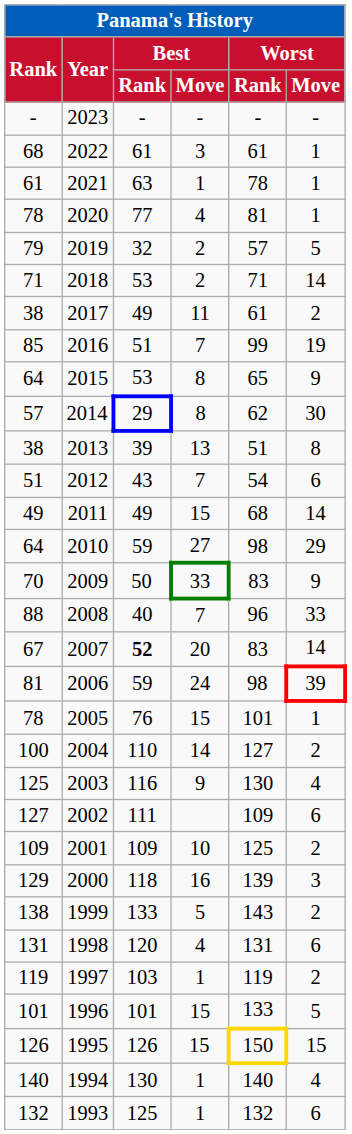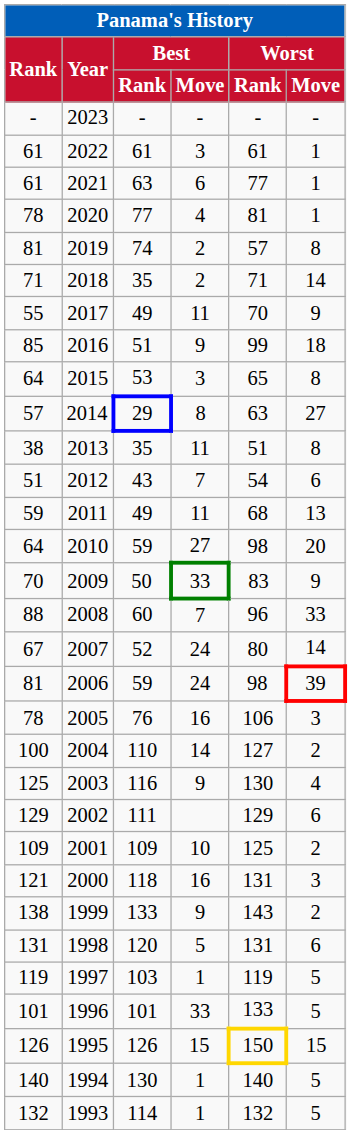 <table class="wikitable sortable" style="text-align:center;">
 <tr>
 <th colspan=9 style="background: #005EB8; color: #FFFFFF;"> Panama's <a href='#'></a> History</th>
 </tr>
 <tr>
 <th rowspan=2 style="background-color: #C8102E; color: #FFFFFF;">Rank</th>
 <th rowspan=2 style="background-color: #C8102E; color: #FFFFFF;">Year</th>
 <th colspan=2 style="background-color: #C8102E; color: #FFFFFF;">Best</th>
 <th colspan=2 style="background-color: #C8102E; color: #FFFFFF;">Worst</th>
 </tr>
 <tr>
 <th style="background-color: #C8102E; color: #FFFFFF;">Rank</th>
 <th style="background-color: #C8102E; color: #FFFFFF;">Move</th>
 <th style="background-color: #C8102E; color: #FFFFFF;">Rank</th>
 <th style="background-color: #C8102E; color: #FFFFFF;">Move</th>
 </tr>
 <tr>
 <td>-</td>
 <td>2023</td>
 <td>-</td>
 <td>-</td>
 <td>-</td>
 <td>-</td>
 </tr>
 <tr>
-<td>68</td>
+<td>61</td>
 <td>2022</td>
 <td>61</td>
 <td> 3</td>
 <td>61</td>
 <td> 1</td>
 </tr>
 <tr>
 <td>61</td>
 <td>2021</td>
 <td>63</td>
-<td> 1</td>
-<td>78</td>
+<td> 6</td>
+<td>77</td>
 <td> 1</td>
 </tr>
 <tr>
 <td>78</td>
 <td>2020</td>
 <td>77</td>
 <td> 4</td>
 <td>81</td>
 <td> 1</td>
 </tr>
 <tr>
-<td>79</td>
+<td>81</td>
 <td>2019</td>
-<td>32</td>
+<td>74</td>
 <td> 2</td>
 <td>57</td>
-<td> 5</td>
+<td> 8</td>
 </tr>
 <tr>
 <td>71</td>
 <td>2018</td>
-<td>53</td>
+<td>35</td>
 <td> 2</td>
 <td>71</td>
 <td> 14</td>
 </tr>
 <tr>
-<td>38</td>
+<td>55</td>
 <td>2017</td>
 <td>49</td>
 <td> 11</td>
-<td>61</td>
-<td> 2</td>
+<td>70</td>
+<td> 9</td>
 </tr>
 <tr>
 <td>85</td>
 <td>2016</td>
 <td>51</td>
-<td> 7</td>
+<td> 9</td>
 <td>99</td>
-<td> 19</td>
+<td> 18</td>
 </tr>
 <tr>
 <td>64</td>
 <td>2015</td>
 <td>53</td>
+<td> 3</td>
+<td>65</td>
 <td> 8</td>
-<td>65</td>
-<td> 9</td>
 </tr>
 <tr>
 <td>57</td>
 <td>2014</td>
 <td style="border: 3px solid blue">29</td>
 <td> 8</td>
-<td>62</td>
-<td> 30</td>
+<td>63</td>
+<td> 27</td>
 </tr>
 <tr>
 <td>38</td>
 <td>2013</td>
-<td>39</td>
-<td> 13</td>
+<td>35</td>
+<td> 11</td>
 <td>51</td>
 <td> 8</td>
 </tr>
 <tr>
 <td>51</td>
 <td>2012</td>
 <td>43</td>
 <td> 7</td>
 <td>54</td>
 <td> 6</td>
 </tr>
 <tr>
-<td>49</td>
+<td>59</td>
 <td>2011</td>
 <td>49</td>
-<td> 15</td>
+<td> 11</td>
 <td>68</td>
-<td> 14</td>
+<td> 13</td>
 </tr>
 <tr>
 <td>64</td>
 <td>2010</td>
 <td>59</td>
 <td> 27</td>
 <td>98</td>
-<td> 29</td>
+<td> 20</td>
 </tr>
 <tr>
 <td>70</td>
 <td>2009</td>
 <td>50</td>
 <td style="border: 3px solid green"> 33</td>
 <td>83</td>
 <td> 9</td>
 </tr>
 <tr>
 <td>88</td>
 <td>2008</td>
-<td>40</td>
+<td>60</td>
 <td> 7</td>
 <td>96</td>
 <td> 33</td>
 </tr>
 <tr>
 <td>67</td>
 <td>2007</td>
-<td><strong>52</strong></td>
-<td> 20</td>
-<td>83</td>
+<td>52</td>
+<td> 24</td>
+<td>80</td>
 <td> 14</td>
 </tr>
 <tr>
 <td>81</td>
 <td>2006</td>
 <td>59</td>
 <td> 24</td>
 <td>98</td>
 <td style="border: 3px solid red"> 39</td>
 </tr>
 <tr>
 <td>78</td>
 <td>2005</td>
 <td>76</td>
-<td> 15</td>
-<td>101</td>
-<td> 1</td>
+<td> 16</td>
+<td>106</td>
+<td> 3</td>
 </tr>
 <tr>
 <td>100</td>
 <td>2004</td>
 <td>110</td>
 <td> 14</td>
 <td>127</td>
 <td> 2</td>
 </tr>
 <tr>
 <td>125</td>
 <td>2003</td>
 <td>116</td>
 <td> 9</td>
 <td>130</td>
 <td> 4</td>
 </tr>
 <tr>
-<td>127</td>
+<td>129</td>
 <td>2002</td>
 <td>111</td>
 <td></td>
-<td>109</td>
+<td>129</td>
 <td> 6</td>
 </tr>
 <tr>
 <td>109</td>
 <td>2001</td>
 <td>109</td>
 <td> 10</td>
 <td>125</td>
 <td> 2</td>
 </tr>
 <tr>
-<td>129</td>
+<td>121</td>
 <td>2000</td>
 <td>118</td>
 <td> 16</td>
-<td>139</td>
+<td>131</td>
 <td> 3</td>
 </tr>
 <tr>
 <td>138</td>
 <td>1999</td>
 <td>133</td>
-<td> 5</td>
+<td> 9</td>
 <td>143</td>
 <td> 2</td>
 </tr>
 <tr>
 <td>131</td>
 <td>1998</td>
 <td>120</td>
-<td> 4</td>
+<td> 5</td>
 <td>131</td>
 <td> 6</td>
 </tr>
 <tr>
 <td>119</td>
 <td>1997</td>
 <td>103</td>
 <td> 1</td>
 <td>119</td>
-<td> 2</td>
+<td> 5</td>
 </tr>
 <tr>
 <td>101</td>
 <td>1996</td>
 <td>101</td>
-<td> 15</td>
+<td> 33</td>
 <td>133</td>
 <td> 5</td>
 </tr>
 <tr>
 <td>126</td>
 <td>1995</td>
 <td>126</td>
 <td> 15</td>
 <td style="border: 3px solid gold">150</td>
 <td> 15</td>
 </tr>
 <tr>
 <td>140</td>
 <td>1994</td>
 <td>130</td>
 <td> 1</td>
 <td>140</td>
-<td> 4</td>
+<td> 5</td>
 </tr>
 <tr>
 <td>132</td>
 <td>1993</td>
-<td>125</td>
+<td>114</td>
 <td> 1</td>
 <td>132</td>
-<td> 6</td>
+<td> 5</td>
 </tr>
 </table>
